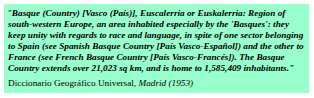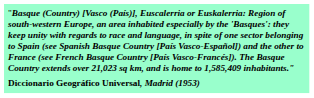 <table class="toccolours" style="float: left; margin-left: 0em; margin-right: 1em; font-size: 85%; background:#99ffcc; color:black; width:42.5%; max-width:33em" cellspacing="5">
 <tr>
 <td align="left">"<strong><em>Basque (Country) [Vasco (País)], Euscalerria or Euskalerria<strong>: Region of south-western Europe, an area inhabited especially by the 'Basques': they keep unity with regards to race and language, in spite of one sector belonging to Spain (see Spanish Basque Country [País Vasco-Español]) and the other to France (see French Basque Country [País Vasco-Francés]). The Basque Country extends over 21,023 sq km, and is home to 1,585,409 inhabitants.<em>"</td>
 </tr>
 <tr>
-<td align="left"></em>Diccionario Geográfico Universal<em>, Madrid (1953)</td>
+<td align="left"><strong></em>Diccionario Geográfico Universal<em>, Madrid (1953)</strong></td>
 </tr>
 </table>
